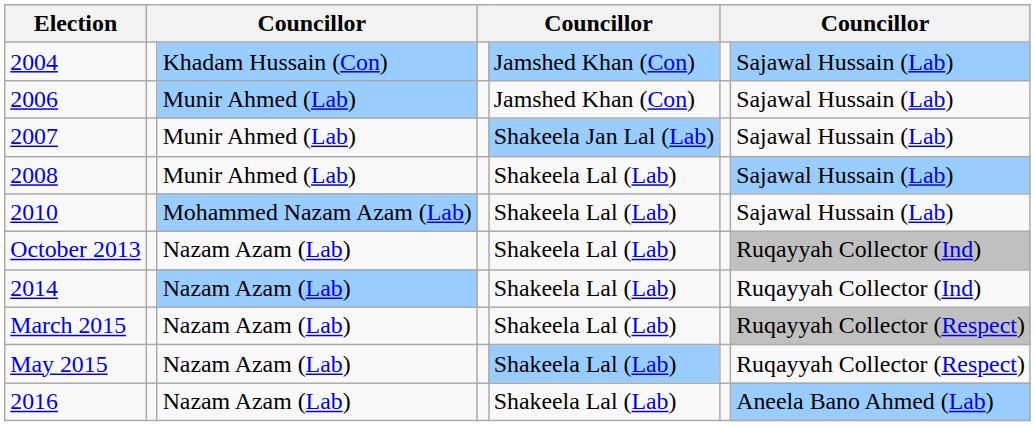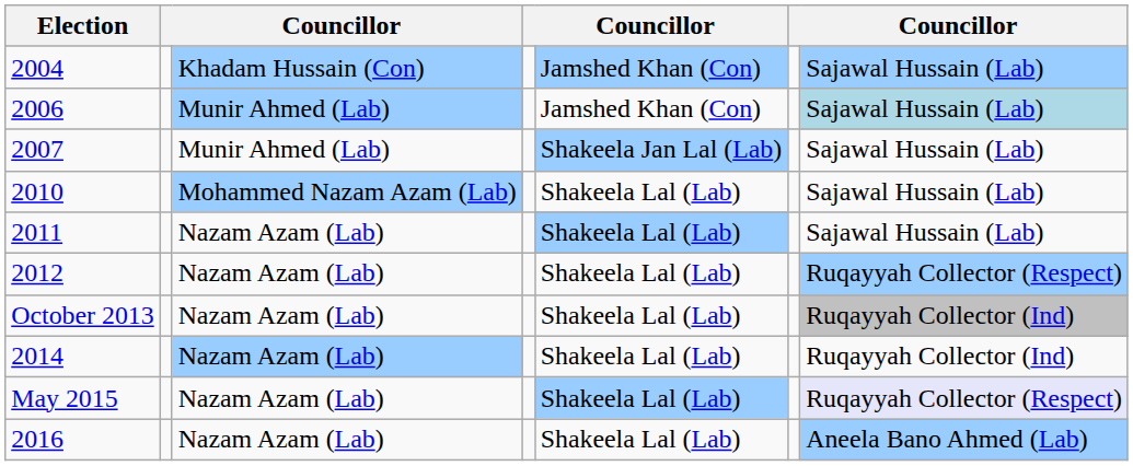 <table class="wikitable">
 <tr>
 <th>Election</th>
 <th colspan="2">Councillor</th>
 <th colspan="2">Councillor</th>
 <th colspan="2">Councillor</th>
 </tr>
 <tr>
 <td><a href='#'>2004</a></td>
 <td style="background-color: "></td>
 <td bgcolor="#99CCFF">Khadam Hussain (<a href='#'>Con</a>)</td>
 <td style="background-color: "></td>
 <td bgcolor="#99CCFF">Jamshed Khan (<a href='#'>Con</a>)</td>
 <td style="background-color: "></td>
 <td bgcolor="#99CCFF">Sajawal Hussain (<a href='#'>Lab</a>)</td>
 </tr>
 <tr>
 <td><a href='#'>2006</a></td>
 <td style="background-color: "></td>
 <td bgcolor="#99CCFF">Munir Ahmed (<a href='#'>Lab</a>)</td>
 <td style="background-color: "></td>
 <td>Jamshed Khan (<a href='#'>Con</a>)</td>
 <td style="background-color: "></td>
-<td>Sajawal Hussain (<a href='#'>Lab</a>)</td>
+<td style="background: lightblue;">Sajawal Hussain (<a href='#'>Lab</a>)</td>
 </tr>
 <tr>
 <td><a href='#'>2007</a></td>
 <td style="background-color: "></td>
 <td>Munir Ahmed (<a href='#'>Lab</a>)</td>
 <td style="background-color: "></td>
 <td bgcolor="#99CCFF">Shakeela Jan Lal (<a href='#'>Lab</a>)</td>
 <td style="background-color: "></td>
 <td>Sajawal Hussain (<a href='#'>Lab</a>)</td>
 </tr>
 <tr>
-<td><a href='#'>2008</a></td>
-<td style="background-color: "></td>
-<td>Munir Ahmed (<a href='#'>Lab</a>)</td>
-<td style="background-color: "></td>
-<td>Shakeela Lal (<a href='#'>Lab</a>)</td>
-<td style="background-color: "></td>
-<td bgcolor="#99CCFF">Sajawal Hussain (<a href='#'>Lab</a>)</td>
-</tr>
-<tr>
 <td><a href='#'>2010</a></td>
 <td style="background-color: "></td>
 <td bgcolor="#99CCFF">Mohammed Nazam Azam (<a href='#'>Lab</a>)</td>
 <td style="background-color: "></td>
 <td>Shakeela Lal (<a href='#'>Lab</a>)</td>
 <td style="background-color: "></td>
 <td>Sajawal Hussain (<a href='#'>Lab</a>)</td>
+</tr>
+<tr>
+<td><a href='#'>2011</a></td>
+<td style="background-color: "></td>
+<td>Nazam Azam (<a href='#'>Lab</a>)</td>
+<td style="background-color: "></td>
+<td bgcolor="#99CCFF">Shakeela Lal (<a href='#'>Lab</a>)</td>
+<td style="background-color: "></td>
+<td>Sajawal Hussain (<a href='#'>Lab</a>)</td>
+</tr>
+<tr>
+<td><a href='#'>2012</a></td>
+<td style="background-color: "></td>
+<td>Nazam Azam (<a href='#'>Lab</a>)</td>
+<td style="background-color: "></td>
+<td>Shakeela Lal (<a href='#'>Lab</a>)</td>
+<td style="background-color: "></td>
+<td bgcolor="#99CCFF">Ruqayyah Collector (<a href='#'>Respect</a>)</td>
 </tr>
 <tr>
 <td><a href='#'>October 2013</a></td>
 <td style="background-color: "></td>
 <td>Nazam Azam (<a href='#'>Lab</a>)</td>
 <td style="background-color: "></td>
 <td>Shakeela Lal (<a href='#'>Lab</a>)</td>
 <td style="background-color: "></td>
 <td bgcolor="#C0C0C0">Ruqayyah Collector (<a href='#'>Ind</a>)</td>
 </tr>
 <tr>
 <td><a href='#'>2014</a></td>
 <td style="background-color: "></td>
 <td bgcolor="#99CCFF">Nazam Azam (<a href='#'>Lab</a>)</td>
 <td style="background-color: "></td>
 <td>Shakeela Lal (<a href='#'>Lab</a>)</td>
 <td style="background-color: "></td>
 <td>Ruqayyah Collector (<a href='#'>Ind</a>)</td>
 </tr>
 <tr>
-<td><a href='#'>March 2015</a></td>
-<td style="background-color: "></td>
-<td>Nazam Azam (<a href='#'>Lab</a>)</td>
-<td style="background-color: "></td>
-<td>Shakeela Lal (<a href='#'>Lab</a>)</td>
-<td style="background-color: "></td>
-<td bgcolor="#C0C0C0">Ruqayyah Collector (<a href='#'>Respect</a>)</td>
-</tr>
-<tr>
 <td><a href='#'>May 2015</a></td>
 <td style="background-color: "></td>
 <td>Nazam Azam (<a href='#'>Lab</a>)</td>
 <td style="background-color: "></td>
 <td bgcolor="#99CCFF">Shakeela Lal (<a href='#'>Lab</a>)</td>
 <td style="background-color: "></td>
-<td>Ruqayyah Collector (<a href='#'>Respect</a>)</td>
+<td style="background: lavender;">Ruqayyah Collector (<a href='#'>Respect</a>)</td>
 </tr>
 <tr>
 <td><a href='#'>2016</a></td>
 <td style="background-color: "></td>
 <td>Nazam Azam (<a href='#'>Lab</a>)</td>
 <td style="background-color: "></td>
 <td>Shakeela Lal (<a href='#'>Lab</a>)</td>
 <td style="background-color: "></td>
 <td bgcolor="#99CCFF">Aneela Bano Ahmed (<a href='#'>Lab</a>)</td>
 </tr>
 </table>
